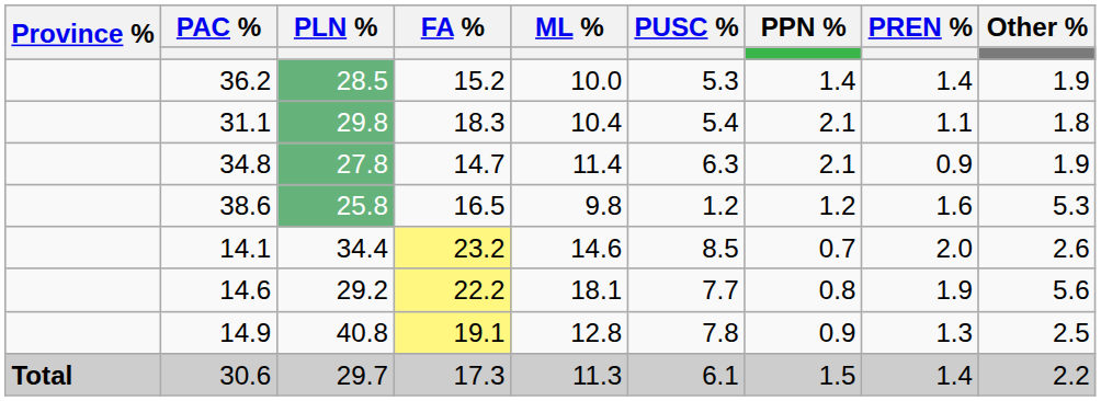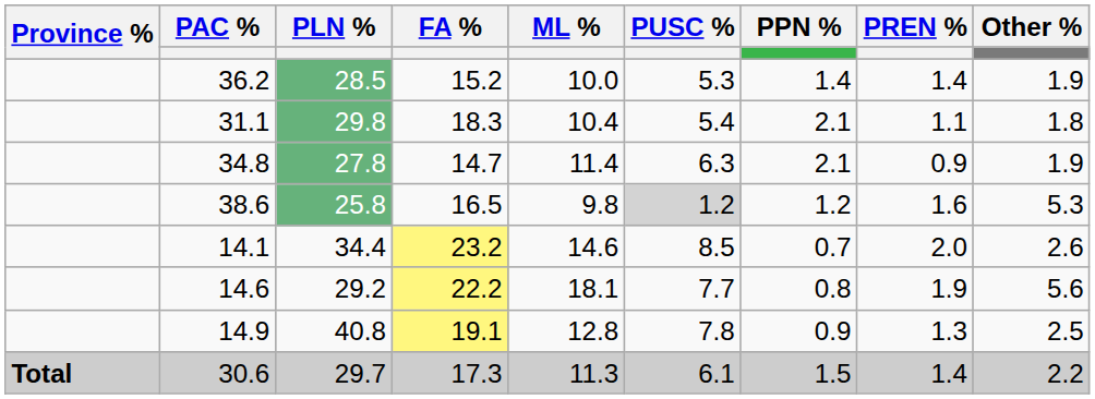 <table class="wikitable sortable" style="text-align:right; font-size:95%">
 <tr>
 <th rowspan=2><a href='#'>Province</a> %</th>
 <th width=60px><a href='#'>PAC</a> %</th>
 <th width=60px><a href='#'>PLN</a> %</th>
 <th width=60px><a href='#'>FA</a> %</th>
 <th width=60px><a href='#'>ML</a> %</th>
 <th width=60px><a href='#'>PUSC</a> %</th>
 <th width=60px><abbr>PPN</abbr> %</th>
 <th width=60px><a href='#'>PREN</a> %</th>
 <th width=60px>Other %</th>
 </tr>
 <tr>
 <th style="background:"></th>
 <th style="background:"></th>
 <th style="background:"></th>
 <th style="background:"></th>
 <th style="background:"></th>
 <th style="background:#39b54a"></th>
 <th style="background:"></th>
 <th style="background:#7a7a7a"></th>
 </tr>
 <tr>
 <td align="left"></td>
 <td style="background:">36.2</td>
 <td style="background:#66B27B; color:white;">28.5</td>
 <td>15.2</td>
 <td>10.0</td>
 <td>5.3</td>
 <td>1.4</td>
 <td>1.4</td>
 <td>1.9</td>
 </tr>
 <tr>
 <td align="left"></td>
 <td style="background:">31.1</td>
 <td style="background:#66B27B; color:white;">29.8</td>
 <td>18.3</td>
 <td>10.4</td>
 <td>5.4</td>
 <td>2.1</td>
 <td>1.1</td>
 <td>1.8</td>
 </tr>
 <tr>
 <td align="left"></td>
 <td style="background:">34.8</td>
 <td style="background:#66B27B; color:white;">27.8</td>
 <td>14.7</td>
 <td>11.4</td>
 <td>6.3</td>
 <td>2.1</td>
 <td>0.9</td>
 <td>1.9</td>
 </tr>
 <tr>
 <td align="left"></td>
 <td style="background:">38.6</td>
 <td style="background:#66B27B; color:white;">25.8</td>
 <td>16.5</td>
 <td>9.8</td>
-<td>1.2</td>
+<td style="background: lightgrey;">1.2</td>
 <td>1.2</td>
 <td>1.6</td>
 <td>5.3</td>
 </tr>
 <tr>
 <td align="left"></td>
 <td>14.1</td>
 <td style="background:">34.4</td>
 <td style="background:#FFF77F; color:black;">23.2</td>
 <td>14.6</td>
 <td>8.5</td>
 <td>0.7</td>
 <td>2.0</td>
 <td>2.6</td>
 </tr>
 <tr>
 <td align="left"></td>
 <td>14.6</td>
 <td style="background:">29.2</td>
 <td style="background:#FFF77F; color:black;">22.2</td>
 <td>18.1</td>
 <td>7.7</td>
 <td>0.8</td>
 <td>1.9</td>
 <td>5.6</td>
 </tr>
 <tr>
 <td align="left"></td>
 <td>14.9</td>
 <td style="background:">40.8</td>
 <td style="background:#FFF77F; color:black;">19.1</td>
 <td>12.8</td>
 <td>7.8</td>
 <td>0.9</td>
 <td>1.3</td>
 <td>2.5</td>
 </tr>
 <tr style="background:#CDCDCD;">
 <td align="left"><strong>Total</strong></td>
 <td style="background:">30.6</td>
 <td>29.7</td>
 <td>17.3</td>
 <td>11.3</td>
 <td>6.1</td>
 <td>1.5</td>
 <td>1.4</td>
 <td>2.2</td>
 </tr>
 </table>
